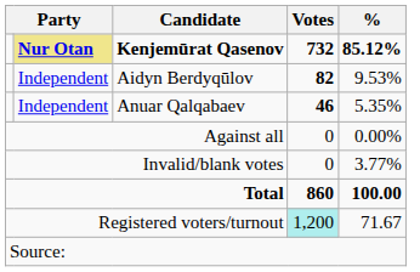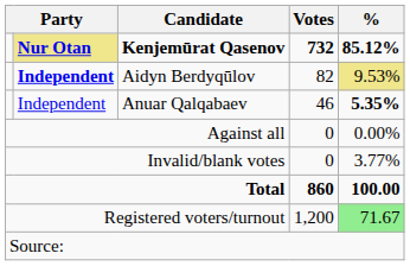 <table class="wikitable" style="text-align:right;">
 <tr>
 <th colspan="2">Party</th>
 <th scope="col">Candidate</th>
 <th scope="col">Votes</th>
 <th scope="col">%</th>
 </tr>
 <tr>
 <td style="background-color:"></td>
 <td rowspan="1" style="background: khaki; text-align:left;" scope="row"><strong><a href='#'>Nur Otan</a></strong></td>
 <td style="text-align: left;"><strong>Kenjemūrat Qasenov</strong></td>
 <td><strong>732</strong></td>
 <td><strong>85.12%</strong></td>
 </tr>
 <tr>
 <td style="background-color:"></td>
-<td rowspan="1" style="text-align:left;" scope="row"><a href='#'>Independent</a></td>
+<td rowspan="1" style="text-align:left;" scope="row"><strong><a href='#'>Independent</a></strong></td>
 <td style="text-align: left;">Aidyn Berdyqūlov</td>
-<td><strong>82</strong></td>
-<td>9.53%</td>
+<td>82</td>
+<td style="background: khaki;">9.53%</td>
 </tr>
 <tr>
 <td style="background-color:"></td>
 <td rowspan="1" style="text-align: left;" scope="row"><a href='#'>Independent</a></td>
 <td style="text-align: left;">Anuar Qalqabaev</td>
-<td><strong>46</strong></td>
-<td>5.35%</td>
+<td>46</td>
+<td><strong>5.35%</strong></td>
 </tr>
 <tr>
 <td colspan="3">Against all</td>
 <td>0</td>
 <td>0.00%</td>
 </tr>
 <tr>
 <td colspan="3" rowspan="1">Invalid/blank votes</td>
 <td>0</td>
 <td>3.77%</td>
 </tr>
 <tr>
 <td colspan="3"><strong>Total</strong></td>
 <td><strong>860</strong></td>
 <td><strong>100.00</strong></td>
 </tr>
 <tr>
 <td colspan="3">Registered voters/turnout</td>
-<td style="background: paleturquoise;">1,200</td>
-<td>71.67</td>
+<td>1,200</td>
+<td style="background: lightgreen;">71.67</td>
 </tr>
 <tr>
 <td colspan="5" style="text-align: left;">Source:  </td>
 </tr>
 </table>
